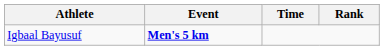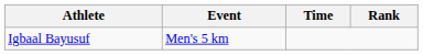 <table class="wikitable" style="text-align:center; font-size:90%; width:50%;">
 <tr>
 <th>Athlete</th>
 <th>Event</th>
 <th>Time</th>
 <th>Rank</th>
 </tr>
 <tr>
 <td align=left><a href='#'>Igbaal Bayusuf</a></td>
-<td align=left><strong><a href='#'>Men's 5 km</a></strong></td>
+<td align=left><a href='#'>Men's 5 km</a></td>
 <td colspan=2></td>
 </tr>
 </table>
